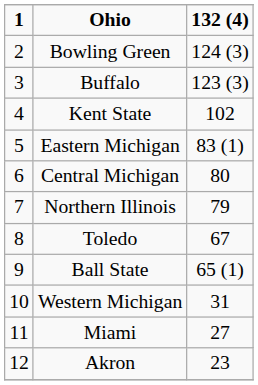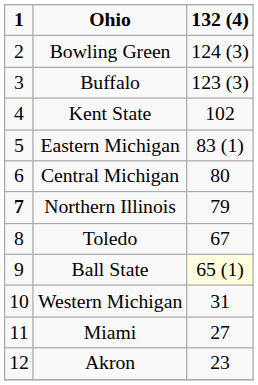 <table class="wikitable" border="1">
 <tr align=center>
 </tr>
 <tr align="center">
 <td><strong>1</strong></td>
 <td><strong>Ohio</strong></td>
 <td><strong>132 (4)</strong></td>
 </tr>
 <tr align="center">
 <td>2</td>
 <td>Bowling Green</td>
 <td>124 (3)</td>
 </tr>
 <tr align="center">
 <td>3</td>
 <td>Buffalo</td>
 <td>123 (3)</td>
 </tr>
 <tr align="center">
 <td>4</td>
 <td>Kent State</td>
 <td>102</td>
 </tr>
 <tr align="center">
 <td>5</td>
 <td>Eastern Michigan</td>
 <td>83 (1)</td>
 </tr>
 <tr align="center">
 <td>6</td>
 <td>Central Michigan</td>
 <td>80</td>
 </tr>
 <tr align="center">
-<td>7</td>
+<td><strong>7</strong></td>
 <td>Northern Illinois</td>
 <td>79</td>
 </tr>
 <tr align="center">
 <td>8</td>
 <td>Toledo</td>
 <td>67</td>
 </tr>
 <tr align="center">
 <td>9</td>
 <td>Ball State</td>
-<td>65 (1)</td>
+<td style="background: lightyellow;">65 (1)</td>
 </tr>
 <tr align="center">
 <td>10</td>
 <td>Western Michigan</td>
 <td>31</td>
 </tr>
 <tr align="center">
 <td>11</td>
 <td>Miami</td>
 <td>27</td>
 </tr>
 <tr align="center">
 <td>12</td>
 <td>Akron</td>
 <td>23</td>
 </tr>
 <tr align="center">
 </tr>
 </table>
